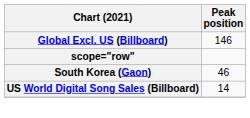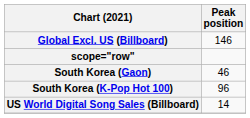 <table class="wikitable sortable plainrowheaders" style="text-align:center">
 <tr>
 <th scope="col">Chart (2021)</th>
 <th scope="col">Peak<br>position</th>
 </tr>
 <tr>
 <th scope="row"><a href='#'>Global Excl. US</a> (<a href='#'>Billboard</a>)</th>
 <td>146</td>
 </tr>
 <tr>
 <th>scope="row" </th>
 </tr>
 <tr>
 <th scope="row">South Korea (<a href='#'>Gaon</a>)</th>
 <td>46</td>
 </tr>
 <tr>
+<th scope="row">South Korea (<a href='#'>K-Pop Hot 100</a>)</th>
+<td>96</td>
+</tr>
+<tr>
 <th scope="row">US <a href='#'>World Digital Song Sales</a> (Billboard)</th>
 <td>14</td>
 </tr>
 <tr>
 </tr>
 </table>
